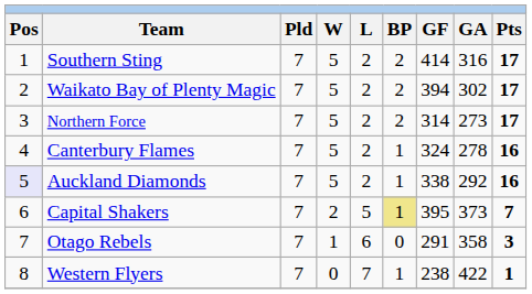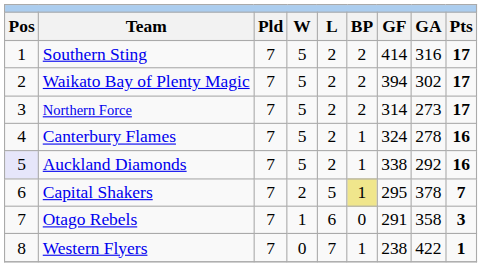 <table class="wikitable" style="text-align:center" align="centre">
 <tr>
 <th colspan="10" style="background:#abcdef"></th>
 </tr>
 <tr>
 <th width=20 abbr="Position">Pos</th>
 <th width=190>Team</th>
 <th width=20 abbr="Played">Pld</th>
 <th width=20 abbr="Won">W</th>
 <th width=20 abbr="Lost">L</th>
 <th width=20 abbr="Lost">BP</th>
 <th width=20 abbr="Goals for">GF</th>
 <th width=20 abbr="Goals against">GA</th>
 <th width=20 abbr="Points">Pts</th>
 </tr>
 <tr style="background:#">
 <td>1</td>
 <td style="text-align:left"><a href='#'>Southern Sting</a></td>
 <td>7</td>
 <td>5</td>
 <td>2</td>
 <td>2</td>
 <td>414</td>
 <td>316</td>
 <td><strong>17</strong></td>
 </tr>
 <tr style="background:#">
 <td>2</td>
 <td style="text-align:left"><a href='#'>Waikato Bay of Plenty Magic</a></td>
 <td>7</td>
 <td>5</td>
 <td>2</td>
 <td>2</td>
 <td>394</td>
 <td>302</td>
 <td><strong>17</strong></td>
 </tr>
 <tr style="background:#">
 <td>3</td>
 <td style="text-align:left"><small><a href='#'>Northern Force</a></small></td>
 <td>7</td>
 <td>5</td>
 <td>2</td>
 <td>2</td>
 <td>314</td>
 <td>273</td>
 <td><strong>17</strong></td>
 </tr>
 <tr style="background:#">
 <td>4</td>
 <td style="text-align:left"><a href='#'>Canterbury Flames</a></td>
 <td>7</td>
 <td>5</td>
 <td>2</td>
 <td>1</td>
 <td>324</td>
 <td>278</td>
 <td><strong>16</strong></td>
 </tr>
 <tr>
 <td style="background: lavender;">5</td>
 <td style="text-align:left"><a href='#'>Auckland Diamonds</a></td>
 <td>7</td>
 <td>5</td>
 <td>2</td>
 <td>1</td>
 <td>338</td>
 <td>292</td>
 <td><strong>16</strong></td>
 </tr>
 <tr>
 <td>6</td>
 <td style="text-align:left"><a href='#'>Capital Shakers</a></td>
 <td>7</td>
 <td>2</td>
 <td>5</td>
 <td style="background: khaki;">1</td>
-<td>395</td>
-<td>373</td>
+<td>295</td>
+<td>378</td>
 <td><strong>7</strong></td>
 </tr>
 <tr>
 <td>7</td>
 <td style="text-align:left"><a href='#'>Otago Rebels</a></td>
 <td>7</td>
 <td>1</td>
 <td>6</td>
 <td>0</td>
 <td>291</td>
 <td>358</td>
 <td><strong>3</strong></td>
 </tr>
 <tr>
 <td>8</td>
 <td style="text-align:left"><a href='#'>Western Flyers</a></td>
 <td>7</td>
 <td>0</td>
 <td>7</td>
 <td>1</td>
 <td>238</td>
 <td>422</td>
 <td><strong>1</strong></td>
 </tr>
 <tr>
 </tr>
 </table>
